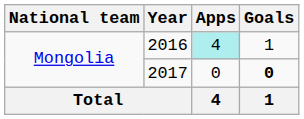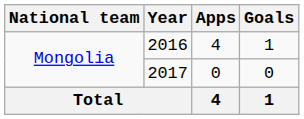 <table class="wikitable" style="text-align:center">
 <tr>
 <th>National team</th>
 <th>Year</th>
 <th>Apps</th>
 <th>Goals</th>
 </tr>
 <tr>
 <td rowspan="2"><a href='#'>Mongolia</a></td>
 <td>2016</td>
-<td style="background: paleturquoise;">4</td>
+<td>4</td>
 <td>1</td>
 </tr>
 <tr>
 <td>2017</td>
 <td>0</td>
-<td><strong>0</strong></td>
+<td>0</td>
 </tr>
 <tr>
 <th colspan=2>Total</th>
 <th>4</th>
 <th>1</th>
 </tr>
 </table>
